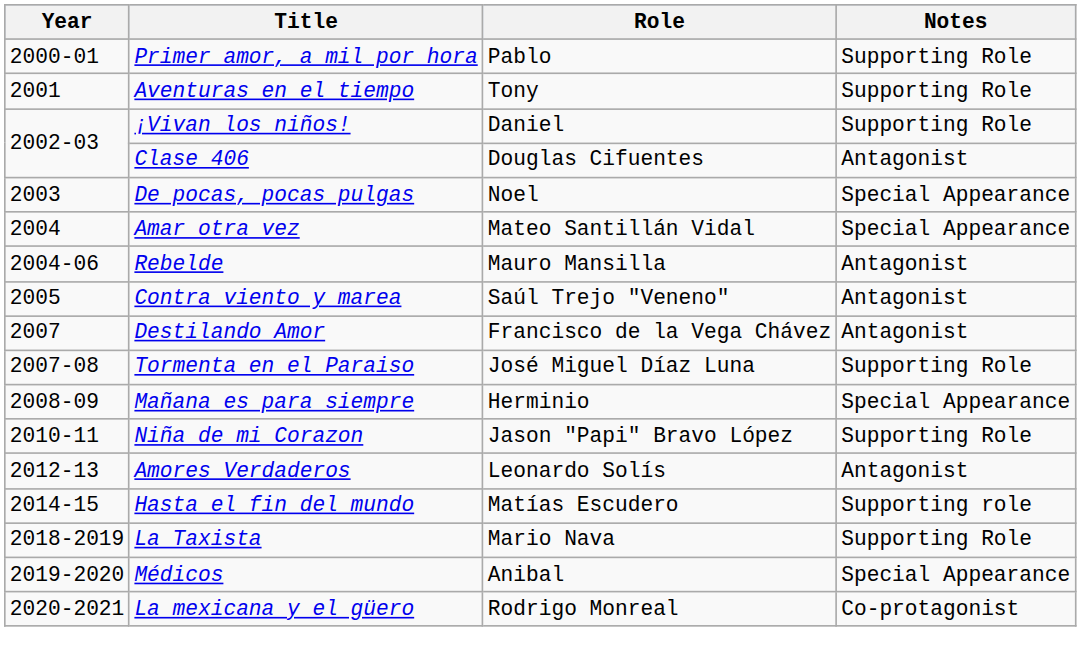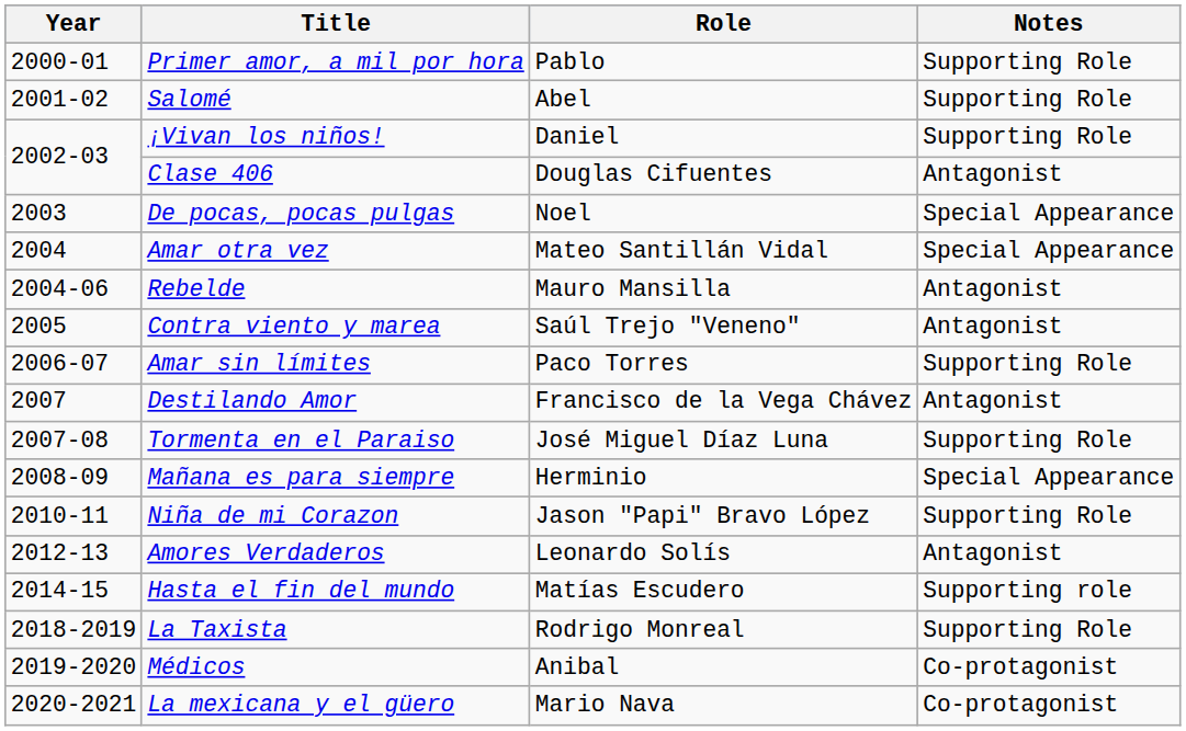 <table class="wikitable">
 <tr style="background:#b0c4de;">
 <th>Year</th>
 <th>Title</th>
 <th>Role</th>
 <th>Notes</th>
 </tr>
 <tr>
 <td>2000-01</td>
 <td><em><a href='#'>Primer amor, a mil por hora</a></em></td>
 <td>Pablo</td>
 <td>Supporting Role</td>
 </tr>
 <tr>
-<td>2001</td>
-<td><em><a href='#'>Aventuras en el tiempo</a></em></td>
-<td>Tony</td>
+<td>2001-02</td>
+<td><em> <a href='#'>Salomé</a></em></td>
+<td>Abel</td>
 <td>Supporting Role</td>
 </tr>
 <tr>
 <td rowspan=2>2002-03</td>
 <td><em> <a href='#'>¡Vivan los niños!</a></em></td>
 <td>Daniel</td>
 <td>Supporting Role</td>
 </tr>
 <tr>
 <td><em><a href='#'>Clase 406</a></em></td>
 <td>Douglas Cifuentes</td>
 <td>Antagonist</td>
 </tr>
 <tr>
 <td>2003</td>
 <td><em><a href='#'>De pocas, pocas pulgas</a></em></td>
 <td>Noel</td>
 <td>Special Appearance</td>
 </tr>
 <tr>
 <td>2004</td>
 <td><em><a href='#'>Amar otra vez</a></em></td>
 <td>Mateo Santillán Vidal</td>
 <td>Special Appearance</td>
 </tr>
 <tr>
 <td>2004-06</td>
 <td><em><a href='#'>Rebelde</a></em></td>
 <td>Mauro Mansilla</td>
 <td>Antagonist</td>
 </tr>
 <tr>
 <td>2005</td>
 <td><em><a href='#'>Contra viento y marea</a></em></td>
 <td>Saúl Trejo "Veneno"</td>
 <td>Antagonist</td>
+</tr>
+<tr>
+<td>2006-07</td>
+<td><em><a href='#'>Amar sin límites</a></em></td>
+<td>Paco Torres</td>
+<td>Supporting Role</td>
 </tr>
 <tr>
 <td>2007</td>
 <td><em><a href='#'>Destilando Amor</a></em></td>
 <td>Francisco de la Vega Chávez</td>
 <td>Antagonist</td>
 </tr>
 <tr>
 <td>2007-08</td>
 <td><em><a href='#'>Tormenta en el Paraiso</a></em></td>
 <td>José Miguel Díaz Luna</td>
 <td>Supporting Role</td>
 </tr>
 <tr>
 <td>2008-09</td>
 <td><em><a href='#'>Mañana es para siempre</a></em></td>
 <td>Herminio</td>
 <td>Special Appearance</td>
 </tr>
 <tr>
 <td>2010-11</td>
 <td><em><a href='#'>Niña de mi Corazon</a></em></td>
 <td>Jason "Papi" Bravo López</td>
 <td>Supporting Role</td>
 </tr>
 <tr>
 <td>2012-13</td>
 <td><em><a href='#'>Amores Verdaderos</a></em></td>
 <td>Leonardo Solís</td>
 <td>Antagonist</td>
 </tr>
 <tr>
 <td>2014-15</td>
 <td><em><a href='#'>Hasta el fin del mundo</a></em></td>
 <td>Matías Escudero</td>
 <td>Supporting role</td>
 </tr>
 <tr>
 <td>2018-2019</td>
 <td><em><a href='#'>La Taxista</a></em></td>
-<td>Mario Nava</td>
+<td>Rodrigo Monreal</td>
 <td>Supporting Role</td>
 </tr>
 <tr>
 <td>2019-2020</td>
 <td><em><a href='#'>Médicos</a></em></td>
 <td>Anibal</td>
-<td>Special Appearance</td>
+<td>Co-protagonist</td>
 </tr>
 <tr>
 <td>2020-2021</td>
 <td><em><a href='#'>La mexicana y el güero</a></em></td>
-<td>Rodrigo Monreal</td>
+<td>Mario Nava</td>
 <td>Co-protagonist</td>
 </tr>
 </table>
